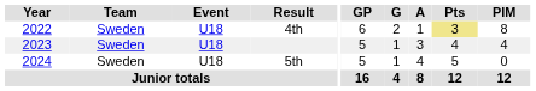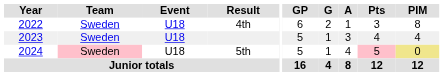 <table border="0" cellpadding="1" cellspacing="0" ID="Table3" style="text-align:center; width:40em">
 <tr ALIGN="center" bgcolor="#e0e0e0">
 <th>Year</th>
 <th>Team</th>
 <th>Event</th>
 <th>Result</th>
 <th rowspan="99" bgcolor="#ffffff"></th>
 <th>GP</th>
 <th>G</th>
 <th>A</th>
 <th>Pts</th>
 <th>PIM</th>
 </tr>
 <tr>
 <td><a href='#'>2022</a></td>
 <td><a href='#'>Sweden</a></td>
 <td><a href='#'>U18</a></td>
 <td>4th</td>
 <td>6</td>
 <td>2</td>
 <td>1</td>
-<td style="background: khaki;">3</td>
+<td>3</td>
 <td>8</td>
 </tr>
 <tr bgcolor="#f0f0f0">
 <td><a href='#'>2023</a></td>
 <td><a href='#'>Sweden</a></td>
 <td><a href='#'>U18</a></td>
 <td></td>
 <td>5</td>
 <td>1</td>
 <td>3</td>
 <td>4</td>
 <td>4</td>
 </tr>
 <tr>
 <td><a href='#'>2024</a></td>
-<td>Sweden</td>
+<td style="background: pink;">Sweden</td>
 <td>U18</td>
 <td>5th</td>
 <td>5</td>
 <td>1</td>
 <td>4</td>
-<td>5</td>
-<td>0</td>
+<td style="background: pink;">5</td>
+<td style="background: khaki;">0</td>
 </tr>
 <tr bgcolor="#e0e0e0">
 <th colspan="4">Junior totals</th>
 <th>16</th>
 <th>4</th>
 <th>8</th>
 <th>12</th>
 <th>12</th>
 </tr>
 </table>
